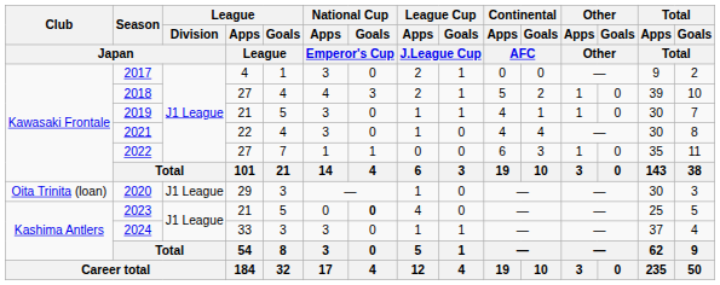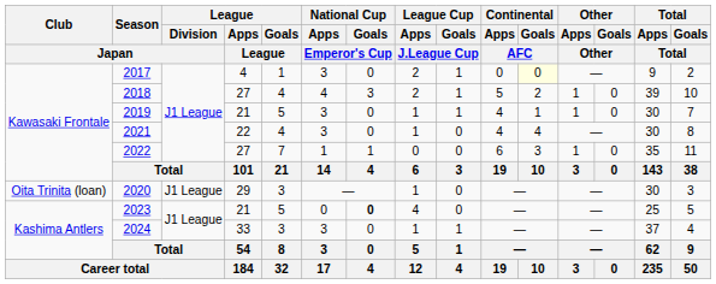 <table class="wikitable" style="text-align:center;">
 <tr>
 <th rowspan=2>Club</th>
 <th rowspan=2>Season</th>
 <th colspan=3>League</th>
 <th colspan=2>National Cup</th>
 <th colspan=2>League Cup</th>
 <th colspan=2>Continental</th>
 <th colspan=2>Other</th>
 <th colspan=2>Total</th>
 </tr>
 <tr>
 <th>Division</th>
 <th>Apps</th>
 <th>Goals</th>
 <th>Apps</th>
 <th>Goals</th>
 <th>Apps</th>
 <th>Goals</th>
 <th>Apps</th>
 <th>Goals</th>
 <th>Apps</th>
 <th>Goals</th>
 <th>Apps</th>
 <th>Goals</th>
 </tr>
 <tr>
 <th colspan=3>Japan</th>
 <th colspan=2>League</th>
 <th colspan=2><a href='#'>Emperor's Cup</a></th>
 <th colspan=2><a href='#'>J.League Cup</a></th>
 <th colspan=2><a href='#'>AFC</a></th>
 <th colspan=2>Other</th>
 <th colspan=2>Total</th>
 </tr>
 <tr>
 <td rowspan="6"><a href='#'>Kawasaki Frontale</a></td>
 <td><a href='#'>2017</a></td>
 <td rowspan="5"><a href='#'>J1 League</a></td>
 <td>4</td>
 <td>1</td>
 <td>3</td>
 <td>0</td>
 <td>2</td>
 <td>1</td>
 <td>0</td>
-<td>0</td>
+<td style="background: lightyellow;">0</td>
 <td colspan="2">—</td>
 <td>9</td>
 <td>2</td>
 </tr>
 <tr>
 <td><a href='#'>2018</a></td>
 <td>27</td>
 <td>4</td>
 <td>4</td>
 <td>3</td>
 <td>2</td>
 <td>1</td>
 <td>5</td>
 <td>2</td>
 <td>1</td>
 <td>0</td>
 <td>39</td>
 <td>10</td>
 </tr>
 <tr>
 <td><a href='#'>2019</a></td>
 <td>21</td>
 <td>5</td>
 <td>3</td>
 <td>0</td>
 <td>1</td>
 <td>1</td>
 <td>4</td>
 <td>1</td>
 <td>1</td>
 <td>0</td>
 <td>30</td>
 <td>7</td>
 </tr>
 <tr>
 <td><a href='#'>2021</a></td>
 <td>22</td>
 <td>4</td>
 <td>3</td>
 <td>0</td>
 <td>1</td>
 <td>0</td>
 <td>4</td>
 <td>4</td>
 <td colspan="2">—</td>
 <td>30</td>
 <td>8</td>
 </tr>
 <tr>
 <td><a href='#'>2022</a></td>
 <td>27</td>
 <td>7</td>
 <td>1</td>
 <td>1</td>
 <td>0</td>
 <td>0</td>
 <td>6</td>
 <td>3</td>
 <td>1</td>
 <td>0</td>
 <td>35</td>
 <td>11</td>
 </tr>
 <tr>
 <th colspan="2">Total</th>
 <th>101</th>
 <th>21</th>
 <th>14</th>
 <th>4</th>
 <th>6</th>
 <th>3</th>
 <th>19</th>
 <th>10</th>
 <th>3</th>
 <th>0</th>
 <th>143</th>
 <th>38</th>
 </tr>
 <tr>
 <td><a href='#'>Oita Trinita</a> (loan)</td>
 <td><a href='#'>2020</a></td>
 <td>J1 League</td>
 <td>29</td>
 <td>3</td>
 <td colspan="2">—</td>
 <td>1</td>
 <td>0</td>
 <td colspan="2">—</td>
 <td colspan="2">—</td>
 <td>30</td>
 <td>3</td>
 </tr>
 <tr>
 <td rowspan="3"><a href='#'>Kashima Antlers</a></td>
 <td><a href='#'>2023</a></td>
 <td rowspan="2">J1 League</td>
 <td>21</td>
 <td>5</td>
 <td>0</td>
 <td><strong>0</strong></td>
 <td>4</td>
 <td>0</td>
 <td colspan="2">—</td>
 <td colspan="2">—</td>
 <td>25</td>
 <td>5</td>
 </tr>
 <tr>
 <td><a href='#'>2024</a></td>
 <td>33</td>
 <td>3</td>
 <td>3</td>
 <td>0</td>
 <td>1</td>
 <td>1</td>
 <td colspan="2">—</td>
 <td colspan="2">—</td>
 <td>37</td>
 <td>4</td>
 </tr>
 <tr>
 <th colspan="2">Total</th>
 <th>54</th>
 <th>8</th>
 <th>3</th>
 <th>0</th>
 <th>5</th>
 <th>1</th>
 <th colspan="2">—</th>
 <th colspan="2">—</th>
 <th>62</th>
 <th>9</th>
 </tr>
 <tr>
 <th colspan=3>Career total</th>
 <th>184</th>
 <th>32</th>
 <th>17</th>
 <th>4</th>
 <th>12</th>
 <th>4</th>
 <th>19</th>
 <th>10</th>
 <th>3</th>
 <th>0</th>
 <th>235</th>
 <th>50</th>
 </tr>
 </table>
